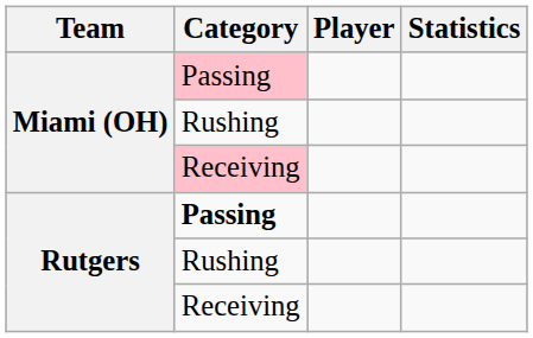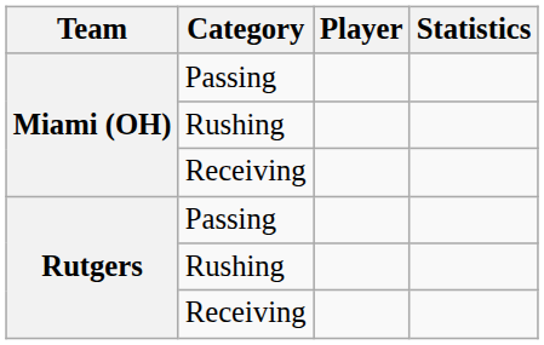 <table class="wikitable" style="float:right">
 <tr>
 <th>Team</th>
 <th>Category</th>
 <th>Player</th>
 <th>Statistics</th>
 </tr>
 <tr>
 <th rowspan=3>Miami (OH)</th>
-<td style="background: pink;">Passing</td>
+<td>Passing</td>
 <td></td>
 <td></td>
 </tr>
 <tr>
 <td>Rushing</td>
 <td></td>
 <td></td>
 </tr>
 <tr>
-<td style="background: pink;">Receiving</td>
+<td>Receiving</td>
 <td></td>
 <td></td>
 </tr>
 <tr>
 <th rowspan=3>Rutgers</th>
-<td><strong>Passing</strong></td>
+<td>Passing</td>
 <td></td>
 <td></td>
 </tr>
 <tr>
 <td>Rushing</td>
 <td></td>
 <td></td>
 </tr>
 <tr>
 <td>Receiving</td>
 <td></td>
 <td></td>
 </tr>
 </table>
